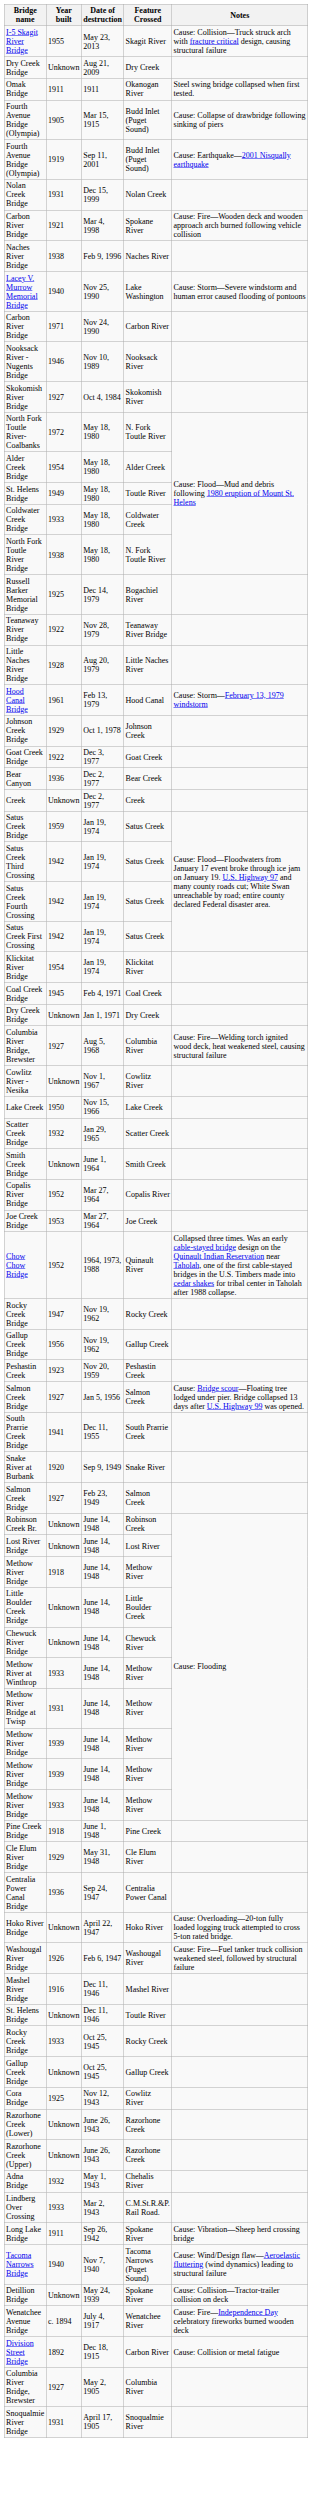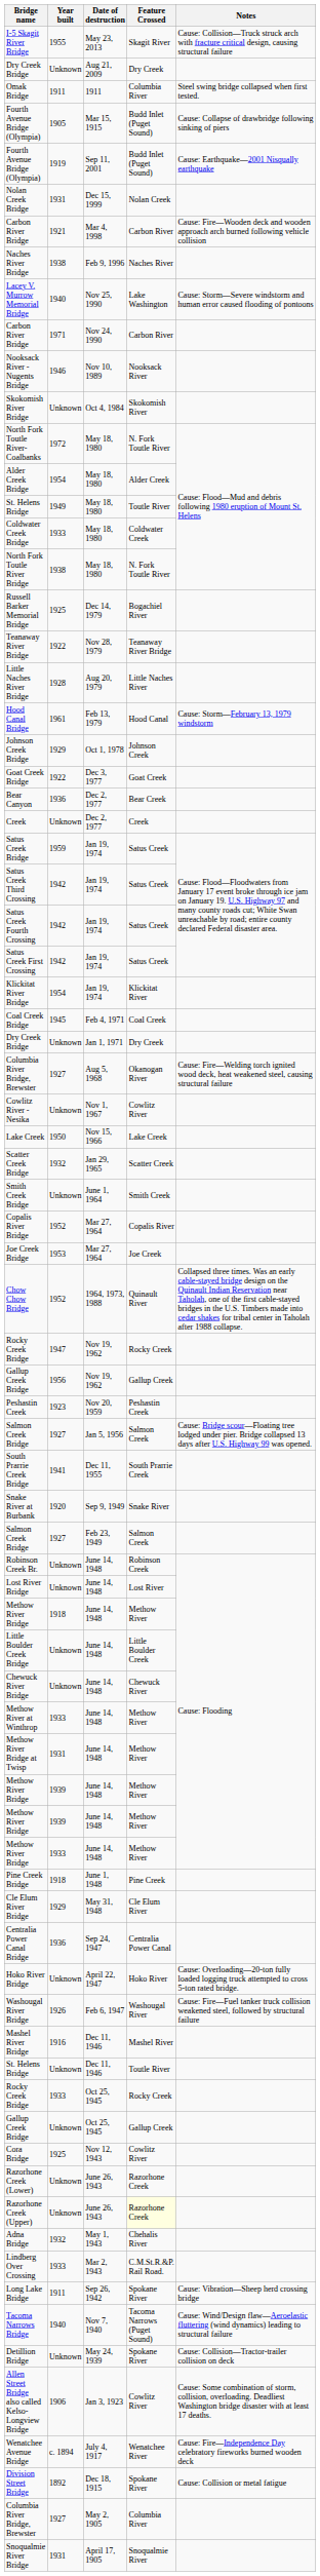 <table class="wikitable sortable">
 <tr>
 <th>Bridge name</th>
 <th>Year<br>built</th>
 <th>Date of<br>destruction</th>
 <th>Feature Crossed</th>
 <th class="unsortable" width="45%">Notes</th>
 </tr>
 <tr>
 <td><a href='#'>I-5 Skagit River Bridge</a></td>
 <td>1955</td>
 <td>May 23, 2013</td>
 <td>Skagit River</td>
 <td>Cause: Collision—Truck struck arch with <a href='#'>fracture critical</a> design, causing structural failure </td>
 </tr>
 <tr>
 <td>Dry Creek Bridge</td>
 <td>Unknown</td>
 <td>Aug 21, 2009</td>
 <td>Dry Creek</td>
 <td></td>
 </tr>
 <tr>
 <td>Omak Bridge</td>
 <td>1911</td>
 <td>1911</td>
-<td>Okanogan River</td>
+<td>Columbia River</td>
 <td>Steel swing bridge collapsed when first tested.</td>
 </tr>
 <tr>
 <td>Fourth Avenue Bridge (Olympia)</td>
 <td>1905</td>
 <td>Mar 15, 1915</td>
 <td>Budd Inlet<br>(Puget Sound)</td>
 <td>Cause: Collapse of drawbridge following sinking of piers</td>
 </tr>
 <tr>
 <td>Fourth Avenue Bridge (Olympia)</td>
 <td>1919</td>
 <td>Sep 11, 2001</td>
 <td>Budd Inlet<br>(Puget Sound)</td>
 <td>Cause: Earthquake—<a href='#'>2001 Nisqually earthquake</a> </td>
 </tr>
 <tr>
 <td>Nolan Creek Bridge</td>
 <td>1931</td>
 <td>Dec 15, 1999</td>
 <td>Nolan Creek</td>
 <td></td>
 </tr>
 <tr>
 <td>Carbon River Bridge</td>
 <td>1921</td>
 <td>Mar 4, 1998</td>
-<td>Spokane River</td>
+<td>Carbon River</td>
 <td>Cause: Fire—Wooden deck and wooden approach arch burned following vehicle collision</td>
 </tr>
 <tr>
 <td>Naches River Bridge</td>
 <td>1938</td>
 <td>Feb 9, 1996</td>
 <td>Naches River</td>
 <td></td>
 </tr>
 <tr>
 <td><a href='#'>Lacey V. Murrow Memorial Bridge</a></td>
 <td>1940</td>
 <td>Nov 25, 1990</td>
 <td>Lake Washington</td>
 <td>Cause: Storm—Severe windstorm and human error caused flooding of pontoons</td>
 </tr>
 <tr>
 <td>Carbon River Bridge</td>
 <td>1971</td>
 <td>Nov 24, 1990</td>
 <td>Carbon River</td>
 <td></td>
 </tr>
 <tr>
 <td>Nooksack River - Nugents Bridge</td>
 <td>1946</td>
 <td>Nov 10, 1989</td>
 <td>Nooksack River</td>
 <td></td>
 </tr>
 <tr>
 <td>Skokomish River Bridge</td>
-<td>1927</td>
+<td>Unknown</td>
 <td>Oct 4, 1984</td>
 <td>Skokomish River</td>
 <td></td>
 </tr>
 <tr>
 <td>North Fork Toutle River-Coalbanks</td>
 <td>1972</td>
 <td>May 18, 1980</td>
 <td>N. Fork Toutle River</td>
 <td rowspan="5">Cause: Flood—Mud and debris following <a href='#'>1980 eruption of Mount St. Helens</a></td>
 </tr>
 <tr>
 <td>Alder Creek Bridge</td>
 <td>1954</td>
 <td>May 18, 1980</td>
 <td>Alder Creek</td>
 </tr>
 <tr>
 <td>St. Helens Bridge</td>
 <td>1949</td>
 <td>May 18, 1980</td>
 <td>Toutle River</td>
 </tr>
 <tr>
 <td>Coldwater Creek Bridge</td>
 <td>1933</td>
 <td>May 18, 1980</td>
 <td>Coldwater Creek</td>
 </tr>
 <tr>
 <td>North Fork Toutle River Bridge</td>
 <td>1938</td>
 <td>May 18, 1980</td>
 <td>N. Fork Toutle River</td>
 </tr>
 <tr>
 <td>Russell Barker Memorial Bridge</td>
 <td>1925</td>
 <td>Dec 14, 1979</td>
 <td>Bogachiel River</td>
 <td></td>
 </tr>
 <tr>
 <td>Teanaway River Bridge</td>
 <td>1922</td>
 <td>Nov 28, 1979</td>
 <td>Teanaway River Bridge</td>
 <td></td>
 </tr>
 <tr>
 <td>Little Naches River Bridge</td>
 <td>1928</td>
 <td>Aug 20, 1979</td>
 <td>Little Naches River</td>
 <td></td>
 </tr>
 <tr>
 <td><a href='#'>Hood Canal Bridge</a></td>
 <td>1961</td>
 <td>Feb 13, 1979</td>
 <td>Hood Canal</td>
 <td>Cause: Storm—<a href='#'>February 13, 1979 windstorm</a></td>
 </tr>
 <tr>
 <td>Johnson Creek Bridge</td>
 <td>1929</td>
 <td>Oct 1, 1978</td>
 <td>Johnson Creek</td>
 <td></td>
 </tr>
 <tr>
 <td>Goat Creek Bridge</td>
 <td>1922</td>
 <td>Dec 3, 1977</td>
 <td>Goat Creek</td>
 <td></td>
 </tr>
 <tr>
 <td>Bear Canyon</td>
 <td>1936</td>
 <td>Dec 2, 1977</td>
 <td>Bear Creek</td>
 <td></td>
 </tr>
 <tr>
 <td>Creek</td>
 <td>Unknown</td>
 <td>Dec 2, 1977</td>
 <td>Creek</td>
 <td></td>
 </tr>
 <tr>
 <td>Satus Creek Bridge</td>
 <td>1959</td>
 <td>Jan 19, 1974</td>
 <td>Satus Creek</td>
 <td rowspan=4>Cause: Flood—Floodwaters from January 17 event broke through ice jam on January 19. <a href='#'>U.S. Highway 97</a> and many county roads cut; White Swan unreachable by road; entire county declared Federal disaster area.</td>
 </tr>
 <tr>
 <td>Satus Creek Third Crossing</td>
 <td>1942</td>
 <td>Jan 19, 1974</td>
 <td>Satus Creek</td>
 </tr>
 <tr>
 <td>Satus Creek Fourth Crossing</td>
 <td>1942</td>
 <td>Jan 19, 1974</td>
 <td>Satus Creek</td>
 </tr>
 <tr>
 <td>Satus Creek First Crossing</td>
 <td>1942</td>
 <td>Jan 19, 1974</td>
 <td>Satus Creek</td>
 </tr>
 <tr>
 <td>Klickitat River Bridge</td>
 <td>1954</td>
 <td>Jan 19, 1974</td>
 <td>Klickitat River</td>
 <td></td>
 </tr>
 <tr>
 <td>Coal Creek Bridge</td>
 <td>1945</td>
 <td>Feb 4, 1971</td>
 <td>Coal Creek</td>
 <td></td>
 </tr>
 <tr>
 <td>Dry Creek Bridge</td>
 <td>Unknown</td>
 <td>Jan 1, 1971</td>
 <td>Dry Creek</td>
 <td></td>
 </tr>
 <tr>
 <td>Columbia River Bridge, Brewster</td>
 <td>1927</td>
 <td>Aug 5, 1968</td>
-<td>Columbia River</td>
+<td>Okanogan River</td>
 <td>Cause: Fire—Welding torch ignited wood deck, heat weakened steel, causing structural failure</td>
 </tr>
 <tr>
 <td>Cowlitz River - Nesika</td>
 <td>Unknown</td>
 <td>Nov 1, 1967</td>
 <td>Cowlitz River</td>
 <td></td>
 </tr>
 <tr>
 <td>Lake Creek</td>
 <td>1950</td>
 <td>Nov 15, 1966</td>
 <td>Lake Creek</td>
 <td></td>
 </tr>
 <tr>
 <td>Scatter Creek Bridge</td>
 <td>1932</td>
 <td>Jan 29, 1965</td>
 <td>Scatter Creek</td>
 <td></td>
 </tr>
 <tr>
 <td>Smith Creek Bridge</td>
 <td>Unknown</td>
 <td>June 1, 1964</td>
 <td>Smith Creek</td>
 <td></td>
 </tr>
 <tr>
 <td>Copalis River Bridge</td>
 <td>1952</td>
 <td>Mar 27, 1964</td>
 <td>Copalis River</td>
 <td></td>
 </tr>
 <tr>
 <td>Joe Creek Bridge</td>
 <td>1953</td>
 <td>Mar 27, 1964</td>
 <td>Joe Creek</td>
 <td></td>
 </tr>
 <tr>
 <td><a href='#'>Chow Chow Bridge</a></td>
 <td>1952</td>
 <td>1964, 1973, 1988</td>
 <td>Quinault River</td>
 <td>Collapsed three times. Was an early <a href='#'>cable-stayed bridge</a> design on the <a href='#'>Quinault Indian Reservation</a> near <a href='#'>Taholah</a>, one of the first cable-stayed bridges in the U.S. Timbers made into <a href='#'>cedar shakes</a> for tribal center in Taholah after 1988 collapse.</td>
 </tr>
 <tr>
 <td>Rocky Creek Bridge</td>
 <td>1947</td>
 <td>Nov 19, 1962</td>
 <td>Rocky Creek</td>
 <td></td>
 </tr>
 <tr>
 <td>Gallup Creek Bridge</td>
 <td>1956</td>
 <td>Nov 19, 1962</td>
 <td>Gallup Creek</td>
 <td></td>
 </tr>
 <tr>
 <td>Peshastin Creek</td>
 <td>1923</td>
 <td>Nov 20, 1959</td>
 <td>Peshastin Creek</td>
 <td></td>
 </tr>
 <tr>
 <td>Salmon Creek Bridge</td>
 <td>1927</td>
 <td>Jan 5, 1956</td>
 <td>Salmon Creek</td>
 <td>Cause: <a href='#'>Bridge scour</a>—Floating tree lodged under pier. Bridge collapsed 13 days after <a href='#'>U.S. Highway 99</a> was opened.</td>
 </tr>
 <tr>
 <td>South Prarrie Creek Bridge</td>
 <td>1941</td>
 <td>Dec 11, 1955</td>
 <td>South Prarrie Creek</td>
 <td></td>
 </tr>
 <tr>
 <td>Snake River at Burbank</td>
 <td>1920</td>
 <td>Sep 9, 1949</td>
 <td>Snake River</td>
 <td></td>
 </tr>
 <tr>
 <td>Salmon Creek Bridge</td>
 <td>1927</td>
 <td>Feb 23, 1949</td>
 <td>Salmon Creek</td>
 <td></td>
 </tr>
 <tr>
 <td>Robinson Creek Br.</td>
 <td>Unknown</td>
 <td>June 14, 1948</td>
 <td>Robinson Creek</td>
 <td rowspan="10">Cause: Flooding</td>
 </tr>
 <tr>
 <td>Lost River Bridge</td>
 <td>Unknown</td>
 <td>June 14, 1948</td>
 <td>Lost River</td>
 </tr>
 <tr>
 <td>Methow River Bridge</td>
 <td>1918</td>
 <td>June 14, 1948</td>
 <td>Methow River</td>
 </tr>
 <tr>
 <td>Little Boulder Creek Bridge</td>
 <td>Unknown</td>
 <td>June 14, 1948</td>
 <td>Little Boulder Creek</td>
 </tr>
 <tr>
 <td>Chewuck River Bridge</td>
 <td>Unknown</td>
 <td>June 14, 1948</td>
 <td>Chewuck River</td>
 </tr>
 <tr>
 <td>Methow River at Winthrop</td>
 <td>1933</td>
 <td>June 14, 1948</td>
 <td>Methow River</td>
 </tr>
 <tr>
 <td>Methow River Bridge at Twisp</td>
 <td>1931</td>
 <td>June 14, 1948</td>
 <td>Methow River</td>
 </tr>
 <tr>
 <td>Methow River Bridge</td>
 <td>1939</td>
 <td>June 14, 1948</td>
 <td>Methow River</td>
 </tr>
 <tr>
 <td>Methow River Bridge</td>
 <td>1939</td>
 <td>June 14, 1948</td>
 <td>Methow River</td>
 </tr>
 <tr>
 <td>Methow River Bridge</td>
 <td>1933</td>
 <td>June 14, 1948</td>
 <td>Methow River</td>
 </tr>
 <tr>
 <td>Pine Creek Bridge</td>
 <td>1918</td>
 <td>June 1, 1948</td>
 <td>Pine Creek</td>
 <td></td>
 </tr>
 <tr>
 <td>Cle Elum River Bridge</td>
 <td>1929</td>
 <td>May 31, 1948</td>
 <td>Cle Elum River</td>
 <td></td>
 </tr>
 <tr>
 <td>Centralia Power Canal Bridge</td>
 <td>1936</td>
 <td>Sep 24, 1947</td>
 <td>Centralia Power Canal</td>
 <td></td>
 </tr>
 <tr>
 <td>Hoko River Bridge</td>
 <td>Unknown</td>
 <td>April 22, 1947</td>
 <td>Hoko River</td>
 <td>Cause: Overloading—20-ton fully loaded logging truck attempted to cross 5-ton rated bridge.</td>
 </tr>
 <tr>
 <td>Washougal River Bridge</td>
 <td>1926</td>
 <td>Feb 6, 1947</td>
 <td>Washougal River</td>
 <td>Cause: Fire—Fuel tanker truck collision weakened steel, followed by structural failure</td>
 </tr>
 <tr>
 <td>Mashel River Bridge</td>
 <td>1916</td>
 <td>Dec 11, 1946</td>
 <td>Mashel River</td>
 <td></td>
 </tr>
 <tr>
 <td>St. Helens Bridge</td>
 <td>Unknown</td>
 <td>Dec 11, 1946</td>
 <td>Toutle River</td>
 <td></td>
 </tr>
 <tr>
 <td>Rocky Creek Bridge</td>
 <td>1933</td>
 <td>Oct 25, 1945</td>
 <td>Rocky Creek</td>
 <td></td>
 </tr>
 <tr>
 <td>Gallup Creek Bridge</td>
 <td>Unknown</td>
 <td>Oct 25, 1945</td>
 <td>Gallup Creek</td>
 <td></td>
 </tr>
 <tr>
 <td>Cora Bridge</td>
 <td>1925</td>
 <td>Nov 12, 1943</td>
 <td>Cowlitz River</td>
 <td></td>
 </tr>
 <tr>
 <td>Razorhone Creek (Lower)</td>
 <td>Unknown</td>
 <td>June 26, 1943</td>
 <td>Razorhone Creek</td>
 <td></td>
 </tr>
 <tr>
 <td>Razorhone Creek (Upper)</td>
 <td>Unknown</td>
 <td>June 26, 1943</td>
-<td>Razorhone Creek</td>
+<td style="background: lightyellow;">Razorhone Creek</td>
 <td></td>
 </tr>
 <tr>
 <td>Adna Bridge</td>
 <td>1932</td>
 <td>May 1, 1943</td>
 <td>Chehalis River</td>
 <td></td>
 </tr>
 <tr>
 <td>Lindberg Over Crossing</td>
 <td>1933</td>
 <td>Mar 2, 1943</td>
 <td>C.M.St.R.&P. Rail Road.</td>
 <td></td>
 </tr>
 <tr>
 <td>Long Lake Bridge</td>
 <td>1911</td>
 <td>Sep 26, 1942</td>
 <td>Spokane River</td>
 <td>Cause: Vibration—Sheep herd crossing bridge</td>
 </tr>
 <tr>
 <td><a href='#'>Tacoma Narrows Bridge</a></td>
 <td>1940</td>
 <td>Nov 7, 1940</td>
 <td>Tacoma Narrows<br>(Puget Sound)</td>
 <td>Cause: Wind/Design flaw—<a href='#'>Aeroelastic fluttering</a> (wind dynamics) leading to structural failure</td>
 </tr>
 <tr>
 <td>Detillion Bridge</td>
 <td>Unknown</td>
 <td>May 24, 1939</td>
 <td>Spokane River</td>
 <td>Cause: Collision—Tractor-trailer collision on deck</td>
 </tr>
 <tr>
+<td><a href='#'>Allen Street Bridge</a><br>also called Kelso-Longview Bridge</td>
+<td>1906</td>
+<td>Jan 3, 1923</td>
+<td>Cowlitz River</td>
+<td>Cause: Some combination of storm, collision, overloading. Deadliest Washington bridge disaster with at least 17 deaths.</td>
+</tr>
+<tr>
 <td>Wenatchee Avenue Bridge</td>
 <td>c. 1894</td>
 <td>July 4, 1917</td>
 <td>Wenatchee River</td>
 <td>Cause: Fire—<a href='#'>Independence Day</a> celebratory fireworks burned wooden deck</td>
 </tr>
 <tr>
 <td><a href='#'>Division Street Bridge</a></td>
 <td>1892</td>
 <td>Dec 18, 1915</td>
-<td>Carbon River</td>
+<td>Spokane River</td>
 <td>Cause: Collision or metal fatigue </td>
 </tr>
 <tr>
 <td>Columbia River Bridge, Brewster</td>
 <td>1927</td>
 <td>May 2, 1905</td>
 <td>Columbia River</td>
 <td></td>
 </tr>
 <tr>
 <td>Snoqualmie River Bridge</td>
 <td>1931</td>
 <td>April 17, 1905</td>
 <td>Snoqualmie River</td>
 <td></td>
 </tr>
 </table>
